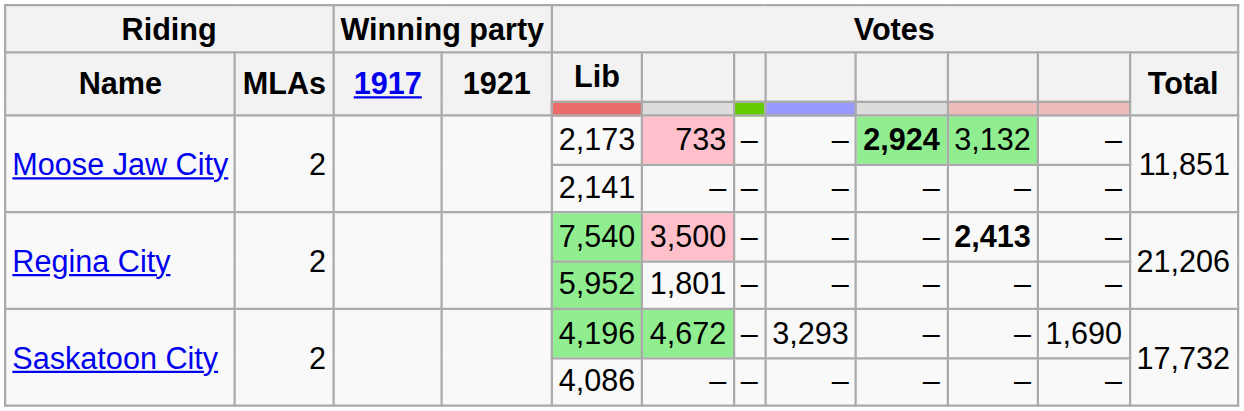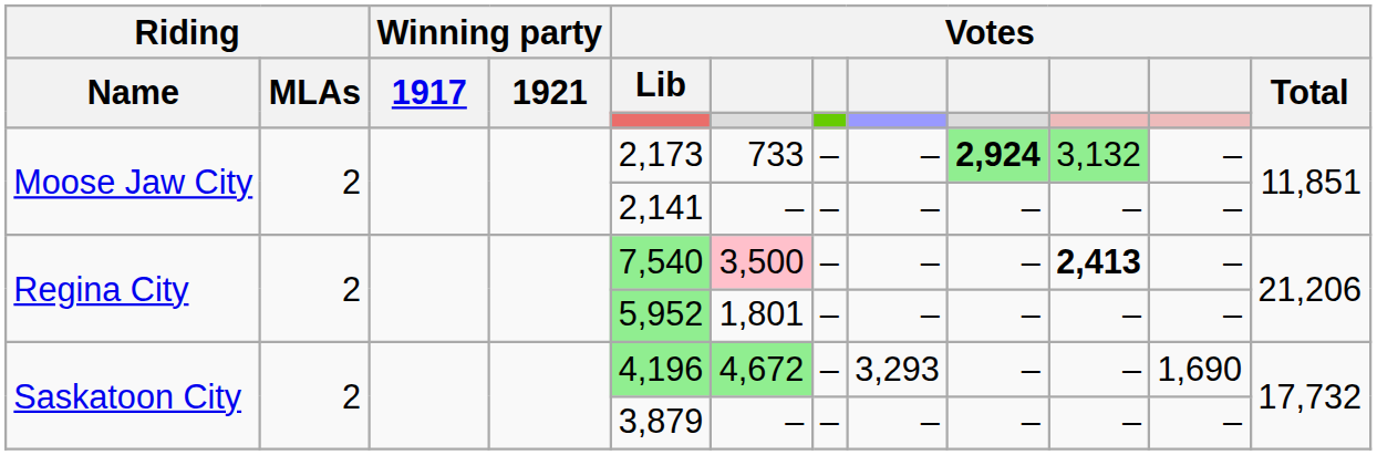 <table class="wikitable" style="text-align:right; font-size:85%">
 <tr>
 <th colspan="2">Riding</th>
 <th scope="col" colspan="2">Winning party</th>
 <th scope="col" colspan="8">Votes</th>
 </tr>
 <tr>
 <th rowspan="2">Name</th>
 <th rowspan="2">MLAs</th>
 <th rowspan="2"><strong><a href='#'>1917</a></strong></th>
 <th rowspan="2">1921</th>
 <th scope="col">Lib</th>
 <th scope="col"></th>
 <th scope="col"></th>
 <th scope="col"></th>
 <th scope="col"></th>
 <th scope="col"></th>
 <th scope="col"></th>
 <th rowspan="2" scope="col">Total</th>
 </tr>
 <tr>
 <th scope="col" style="background-color:#EA6D6A;"></th>
 <th scope="col" style="background-color:#DCDCDC;"></th>
 <th scope="col" style="background-color:#66CC00;"></th>
 <th scope="col" style="background-color:#9999FF;"></th>
 <th scope="col" style="background-color:#DCDCDC;"></th>
 <th scope="col" style="background-color:#EEBBBB;"></th>
 <th scope="col" style="background-color:#EEBBBB;"></th>
 </tr>
 <tr>
 <td rowspan="2" style="text-align:left"><a href='#'>Moose Jaw City</a></td>
 <td rowspan="2">2</td>
 <td rowspan="2"></td>
 <td rowspan="2"></td>
 <td>2,173</td>
-<td style="background: pink;">733</td>
+<td>733</td>
 <td>–</td>
 <td>–</td>
 <td style="background-color:lightgreen;"><strong>2,924</strong></td>
 <td style="background-color:lightgreen;">3,132</td>
 <td>–</td>
 <td rowspan="2">11,851</td>
 </tr>
 <tr>
 <td>2,141</td>
 <td>–</td>
 <td>–</td>
 <td>–</td>
 <td>–</td>
 <td>–</td>
 <td>–</td>
 </tr>
 <tr>
 <td rowspan="2" style="text-align:left"><a href='#'>Regina City</a></td>
 <td rowspan="2">2</td>
 <td rowspan="2"></td>
 <td rowspan="2"></td>
 <td style="background-color:lightgreen;">7,540</td>
 <td style="background: pink;">3,500</td>
 <td>–</td>
 <td>–</td>
 <td>–</td>
 <td><strong>2,413</strong></td>
 <td>–</td>
 <td rowspan="2">21,206</td>
 </tr>
 <tr>
 <td style="background-color:lightgreen;">5,952</td>
 <td>1,801</td>
 <td>–</td>
 <td>–</td>
 <td>–</td>
 <td>–</td>
 <td>–</td>
 </tr>
 <tr>
 <td rowspan="2" style="text-align:left"><a href='#'>Saskatoon City</a></td>
 <td rowspan="2">2</td>
 <td rowspan="2"></td>
 <td rowspan="2"></td>
 <td style="background-color:lightgreen;">4,196</td>
 <td style="background-color:lightgreen;">4,672</td>
 <td>–</td>
 <td>3,293</td>
 <td>–</td>
 <td>–</td>
 <td>1,690</td>
 <td rowspan="2">17,732</td>
 </tr>
 <tr>
-<td>4,086</td>
+<td>3,879</td>
 <td>–</td>
 <td>–</td>
 <td>–</td>
 <td>–</td>
 <td>–</td>
 <td>–</td>
 </tr>
 </table>
